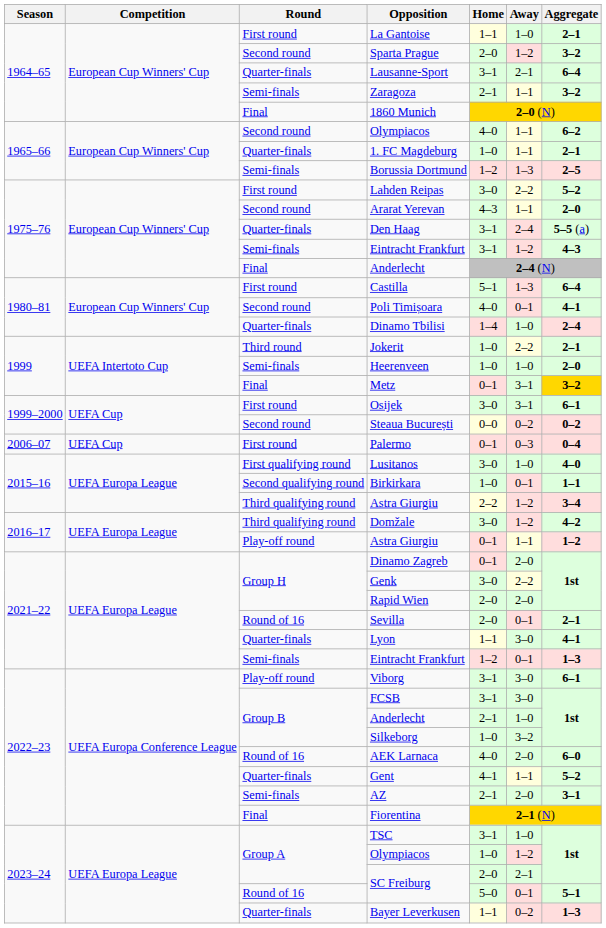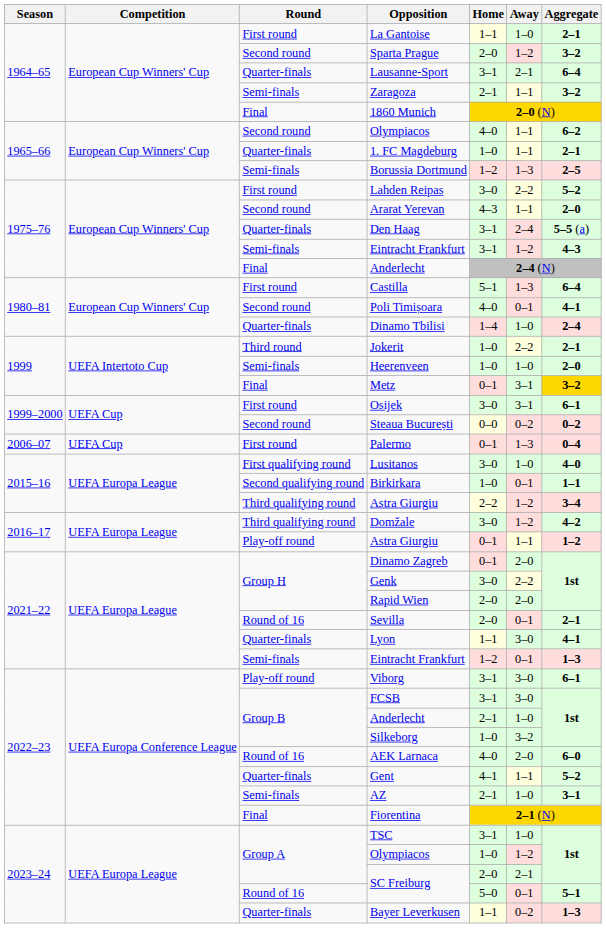 <table class="wikitable sortable">
 <tr>
 <th>Season</th>
 <th>Competition</th>
 <th>Round</th>
 <th>Opposition</th>
 <th>Home</th>
 <th>Away</th>
 <th>Aggregate</th>
 </tr>
 <tr>
 <td rowspan="5"><a href='#'>1964–65</a></td>
 <td rowspan="5"><a href='#'>European Cup Winners' Cup</a></td>
 <td><a href='#'>First round</a></td>
 <td> <a href='#'>La Gantoise</a></td>
 <td bgcolor="#ffffdd" style="text-align:center;">1–1</td>
 <td bgcolor="#ddffdd" style="text-align:center;">1–0</td>
 <td bgcolor="#ddffdd" style="text-align:center;"><strong>2–1</strong></td>
 </tr>
 <tr>
 <td><a href='#'>Second round</a></td>
 <td> <a href='#'>Sparta Prague</a></td>
 <td bgcolor="#ddffdd" style="text-align:center;">2–0</td>
 <td bgcolor="#ffdddd" style="text-align:center;">1–2</td>
 <td bgcolor="#ddffdd" style="text-align:center;"><strong>3–2</strong></td>
 </tr>
 <tr>
 <td><a href='#'>Quarter-finals</a></td>
 <td> <a href='#'>Lausanne-Sport</a></td>
 <td bgcolor="#ddffdd" style="text-align:center;">3–1</td>
 <td bgcolor="#ddffdd" style="text-align:center;">2–1</td>
 <td bgcolor="#ddffdd" style="text-align:center;"><strong>6–4</strong></td>
 </tr>
 <tr>
 <td><a href='#'>Semi-finals</a></td>
 <td> <a href='#'>Zaragoza</a></td>
 <td bgcolor="#ddffdd" style="text-align:center;">2–1</td>
 <td bgcolor="#ffffdd" style="text-align:center;">1–1</td>
 <td bgcolor="#ddffdd" style="text-align:center;"><strong>3–2</strong></td>
 </tr>
 <tr>
 <td><a href='#'>Final</a></td>
 <td> <a href='#'>1860 Munich</a></td>
 <td colspan=3 bgcolor="gold" style="text-align:center;"><strong>2–0</strong> (<a href='#'>N</a>)</td>
 </tr>
 <tr>
 <td rowspan="3"><a href='#'>1965–66</a></td>
 <td rowspan="3"><a href='#'>European Cup Winners' Cup</a></td>
 <td><a href='#'>Second round</a></td>
 <td> <a href='#'>Olympiacos</a></td>
 <td bgcolor="#ddffdd" style="text-align:center;">4–0</td>
 <td bgcolor="#ffffdd" style="text-align:center;">1–1</td>
 <td bgcolor="#ddffdd" style="text-align:center;"><strong>6–2</strong></td>
 </tr>
 <tr>
 <td><a href='#'>Quarter-finals</a></td>
 <td> <a href='#'>1. FC Magdeburg</a></td>
 <td bgcolor="#ddffdd" style="text-align:center;">1–0</td>
 <td bgcolor="#ffffdd" style="text-align:center;">1–1</td>
 <td bgcolor="#ddffdd" style="text-align:center;"><strong>2–1</strong></td>
 </tr>
 <tr>
 <td><a href='#'>Semi-finals</a></td>
 <td> <a href='#'>Borussia Dortmund</a></td>
 <td bgcolor="#ffdddd" style="text-align:center;">1–2</td>
 <td bgcolor="#ffdddd" style="text-align:center;">1–3</td>
 <td bgcolor="#ffdddd" style="text-align:center;"><strong>2–5</strong></td>
 </tr>
 <tr>
 <td rowspan="5"><a href='#'>1975–76</a></td>
 <td rowspan="5"><a href='#'>European Cup Winners' Cup</a></td>
 <td><a href='#'>First round</a></td>
 <td> <a href='#'>Lahden Reipas</a></td>
 <td bgcolor="#ddffdd" style="text-align:center;">3–0</td>
 <td bgcolor="#ffffdd" style="text-align:center;">2–2</td>
 <td bgcolor="#ddffdd" style="text-align:center;"><strong>5–2</strong></td>
 </tr>
 <tr>
 <td><a href='#'>Second round</a></td>
 <td> <a href='#'>Ararat Yerevan</a></td>
 <td bgcolor="#ddffdd" style="text-align:center;">4–3</td>
 <td bgcolor="#ffffdd" style="text-align:center;">1–1</td>
 <td bgcolor="#ddffdd" style="text-align:center;"><strong>2–0</strong></td>
 </tr>
 <tr>
 <td><a href='#'>Quarter-finals</a></td>
 <td> <a href='#'>Den Haag</a></td>
 <td bgcolor="#ddffdd" style="text-align:center;">3–1</td>
 <td bgcolor="#ffdddd" style="text-align:center;">2–4</td>
 <td bgcolor="#ddffdd" style="text-align:center;"><strong>5–5</strong> (<a href='#'>a</a>)</td>
 </tr>
 <tr>
 <td><a href='#'>Semi-finals</a></td>
 <td> <a href='#'>Eintracht Frankfurt</a></td>
 <td bgcolor="#ddffdd" style="text-align:center;">3–1</td>
 <td bgcolor="#ffdddd" style="text-align:center;">1–2</td>
 <td bgcolor="#ddffdd" style="text-align:center;"><strong>4–3</strong></td>
 </tr>
 <tr>
 <td><a href='#'>Final</a></td>
 <td> <a href='#'>Anderlecht</a></td>
 <td colspan=3 bgcolor="silver" style="text-align:center;"><strong>2–4</strong> (<a href='#'>N</a>)</td>
 </tr>
 <tr>
 <td rowspan="3"><a href='#'>1980–81</a></td>
 <td rowspan="3"><a href='#'>European Cup Winners' Cup</a></td>
 <td><a href='#'>First round</a></td>
 <td> <a href='#'>Castilla</a></td>
 <td bgcolor="#ddffdd" style="text-align:center;">5–1</td>
 <td bgcolor="#ffdddd" style="text-align:center;">1–3</td>
 <td bgcolor="#ddffdd" style="text-align:center;"><strong>6–4</strong></td>
 </tr>
 <tr>
 <td><a href='#'>Second round</a></td>
 <td> <a href='#'>Poli Timișoara</a></td>
 <td bgcolor="#ddffdd" style="text-align:center;">4–0</td>
 <td bgcolor="#ffdddd" style="text-align:center;">0–1</td>
 <td bgcolor="#ddffdd" style="text-align:center;"><strong>4–1</strong></td>
 </tr>
 <tr>
 <td><a href='#'>Quarter-finals</a></td>
 <td> <a href='#'>Dinamo Tbilisi</a></td>
 <td bgcolor="#ffdddd" style="text-align:center;">1–4</td>
 <td bgcolor="#ddffdd" style="text-align:center;">1–0</td>
 <td bgcolor="#ffdddd" style="text-align:center;"><strong>2–4</strong></td>
 </tr>
 <tr>
 <td rowspan="3"><a href='#'>1999</a></td>
 <td rowspan="3"><a href='#'>UEFA Intertoto Cup</a></td>
 <td><a href='#'>Third round</a></td>
 <td> <a href='#'>Jokerit</a></td>
 <td bgcolor="#ddffdd" style="text-align:center;">1–0</td>
 <td bgcolor="#ffffdd" style="text-align:center;">2–2</td>
 <td bgcolor="#ddffdd" style="text-align:center;"><strong>2–1</strong></td>
 </tr>
 <tr>
 <td><a href='#'>Semi-finals</a></td>
 <td> <a href='#'>Heerenveen</a></td>
 <td bgcolor="#ddffdd" style="text-align:center;">1–0</td>
 <td bgcolor="#ddffdd" style="text-align:center;">1–0</td>
 <td bgcolor="#ddffdd" style="text-align:center;"><strong>2–0</strong></td>
 </tr>
 <tr>
 <td><a href='#'>Final</a></td>
 <td> <a href='#'>Metz</a></td>
 <td bgcolor="#ffdddd" style="text-align:center;">0–1</td>
 <td bgcolor="#ddffdd" style="text-align:center;">3–1</td>
 <td bgcolor="gold" style="text-align:center;"><strong>3–2</strong></td>
 </tr>
 <tr>
 <td rowspan="2"><a href='#'>1999–2000</a></td>
 <td rowspan="2"><a href='#'>UEFA Cup</a></td>
 <td><a href='#'>First round</a></td>
 <td> <a href='#'>Osijek</a></td>
 <td bgcolor="#ddffdd" style="text-align:center;">3–0</td>
 <td bgcolor="#ddffdd" style="text-align:center;">3–1</td>
 <td bgcolor="#ddffdd" style="text-align:center;"><strong>6–1</strong></td>
 </tr>
 <tr>
 <td><a href='#'>Second round</a></td>
 <td> <a href='#'>Steaua București</a></td>
 <td bgcolor="#ffffdd" style="text-align:center;">0–0</td>
 <td bgcolor="#ffdddd" style="text-align:center;">0–2</td>
 <td bgcolor="#ffdddd" style="text-align:center;"><strong>0–2</strong></td>
 </tr>
 <tr>
 <td><a href='#'>2006–07</a></td>
 <td><a href='#'>UEFA Cup</a></td>
 <td><a href='#'>First round</a></td>
 <td> <a href='#'>Palermo</a></td>
 <td bgcolor="#ffdddd" style="text-align:center;">0–1</td>
-<td bgcolor="#ffdddd" style="text-align:center;">0–3</td>
+<td bgcolor="#ffdddd" style="text-align:center;">1–3</td>
 <td bgcolor="#ffdddd" style="text-align:center;"><strong>0–4</strong></td>
 </tr>
 <tr>
 <td rowspan="3"><a href='#'>2015–16</a></td>
 <td rowspan="3"><a href='#'>UEFA Europa League</a></td>
 <td><a href='#'>First qualifying round</a></td>
 <td> <a href='#'>Lusitanos</a></td>
 <td bgcolor="#ddffdd" style="text-align:center;">3–0</td>
 <td bgcolor="#ddffdd" style="text-align:center;">1–0</td>
 <td bgcolor="#ddffdd" style="text-align:center;"><strong>4–0</strong></td>
 </tr>
 <tr>
 <td><a href='#'>Second qualifying round</a></td>
 <td> <a href='#'>Birkirkara</a></td>
 <td bgcolor="#ddffdd" style="text-align:center;">1–0</td>
 <td bgcolor="#ffdddd" style="text-align:center;">0–1 </td>
 <td bgcolor="#ddffdd" style="text-align:center;"><strong>1–1</strong> </td>
 </tr>
 <tr>
 <td><a href='#'>Third qualifying round</a></td>
 <td> <a href='#'>Astra Giurgiu</a></td>
 <td bgcolor="#ffffdd" style="text-align:center;">2–2</td>
 <td bgcolor="#ffdddd" style="text-align:center;">1–2</td>
 <td bgcolor="#ffdddd" style="text-align:center;"><strong>3–4</strong></td>
 </tr>
 <tr>
 <td rowspan=2><a href='#'>2016–17</a></td>
 <td rowspan=2><a href='#'>UEFA Europa League</a></td>
 <td><a href='#'>Third qualifying round</a></td>
 <td> <a href='#'>Domžale</a></td>
 <td bgcolor="#ddffdd" style="text-align:center;">3–0</td>
 <td bgcolor="#ffdddd" style="text-align:center;">1–2</td>
 <td bgcolor="#ddffdd" style="text-align:center;"><strong>4–2</strong></td>
 </tr>
 <tr>
 <td><a href='#'>Play-off round</a></td>
 <td> <a href='#'>Astra Giurgiu</a></td>
 <td bgcolor="#ffdddd" style="text-align:center;">0–1</td>
 <td bgcolor="#ffffdd" style="text-align:center;">1–1</td>
 <td bgcolor="#ffdddd" style="text-align:center;"><strong>1–2</strong></td>
 </tr>
 <tr>
 <td rowspan=6><a href='#'>2021–22</a></td>
 <td rowspan=6><a href='#'>UEFA Europa League</a></td>
 <td rowspan=3><a href='#'>Group H</a></td>
 <td> <a href='#'>Dinamo Zagreb</a></td>
 <td bgcolor="#ffdddd" style="text-align:center;">0–1</td>
 <td bgcolor="#ddffdd" style="text-align:center;">2–0</td>
 <td bgcolor="#ddffdd" style="text-align:center;" rowspan=3><strong>1st</strong></td>
 </tr>
 <tr>
 <td> <a href='#'>Genk</a></td>
 <td bgcolor="#ddffdd" style="text-align:center;">3–0</td>
 <td bgcolor="#ffffdd" style="text-align:center;">2–2</td>
 </tr>
 <tr>
 <td> <a href='#'>Rapid Wien</a></td>
 <td bgcolor="#ddffdd" style="text-align:center;">2–0</td>
 <td bgcolor="#ddffdd" style="text-align:center;">2–0</td>
 </tr>
 <tr>
 <td><a href='#'>Round of 16</a></td>
 <td> <a href='#'>Sevilla</a></td>
 <td bgcolor="#ddffdd" style="text-align:center;">2–0</td>
 <td bgcolor="#ffdddd" style="text-align:center;">0–1</td>
 <td bgcolor="#ddffdd" style="text-align:center;"><strong>2–1</strong></td>
 </tr>
 <tr>
 <td><a href='#'>Quarter-finals</a></td>
 <td> <a href='#'>Lyon</a></td>
 <td bgcolor="#ffffdd" style="text-align:center;">1–1</td>
 <td bgcolor="#ddffdd" style="text-align:center;">3–0</td>
 <td bgcolor="ddffdd" style="text-align:center;"><strong>4–1</strong></td>
 </tr>
 <tr>
 <td><a href='#'>Semi-finals</a></td>
 <td> <a href='#'>Eintracht Frankfurt</a></td>
 <td bgcolor="#ffdddd" style="text-align:center;">1–2</td>
 <td bgcolor="#ffdddd" style="text-align:center;">0–1</td>
 <td bgcolor="#ffdddd" style="text-align:center;"><strong>1–3</strong></td>
 </tr>
 <tr>
 <td rowspan=8><a href='#'>2022–23</a></td>
 <td rowspan=8><a href='#'>UEFA Europa Conference League</a></td>
 <td><a href='#'>Play-off round</a></td>
 <td> <a href='#'>Viborg</a></td>
 <td bgcolor="#ddffdd" style="text-align:center;">3–1</td>
 <td bgcolor="#ddffdd" style="text-align:center;">3–0</td>
 <td bgcolor="ddffdd" style="text-align:center;"><strong>6–1</strong></td>
 </tr>
 <tr>
 <td rowspan=3><a href='#'>Group B</a></td>
 <td> <a href='#'>FCSB</a></td>
 <td bgcolor="#ddffdd" style="text-align:center;">3–1</td>
 <td bgcolor="#ddffdd" style="text-align:center;">3–0</td>
 <td bgcolor="#ddffdd" style="text-align:center;" rowspan=3><strong>1st</strong></td>
 </tr>
 <tr>
 <td> <a href='#'>Anderlecht</a></td>
 <td bgcolor="#ddffdd" style="text-align:center;">2–1</td>
 <td bgcolor="#ddffdd" style="text-align:center;">1–0</td>
 </tr>
 <tr>
 <td> <a href='#'>Silkeborg</a></td>
 <td bgcolor="#ddffdd" style="text-align:center;">1–0</td>
 <td bgcolor="#ddffdd" style="text-align:center;">3–2</td>
 </tr>
 <tr>
 <td><a href='#'>Round of 16</a></td>
 <td> <a href='#'>AEK Larnaca</a></td>
 <td bgcolor="#ddffdd" style="text-align:center;">4–0</td>
 <td bgcolor="#ddffdd" style="text-align:center;">2–0</td>
 <td bgcolor="ddffdd" style="text-align:center;"><strong>6–0</strong></td>
 </tr>
 <tr>
 <td><a href='#'>Quarter-finals</a></td>
 <td> <a href='#'>Gent</a></td>
 <td bgcolor="#ddffdd" style="text-align:center;">4–1</td>
 <td bgcolor="#ffffdd" style="text-align:center;">1–1</td>
 <td bgcolor="#ddffdd" style="text-align:center;"><strong>5–2</strong></td>
 </tr>
 <tr>
 <td><a href='#'>Semi-finals</a></td>
 <td> <a href='#'>AZ</a></td>
 <td bgcolor="#ddffdd" style="text-align:center;">2–1</td>
-<td bgcolor="#ddffdd" style="text-align:center;">2–0</td>
+<td bgcolor="#ddffdd" style="text-align:center;">1–0</td>
 <td bgcolor="#ddffdd" style="text-align:center;"><strong>3–1</strong></td>
 </tr>
 <tr>
 <td><a href='#'>Final</a></td>
 <td> <a href='#'>Fiorentina</a></td>
 <td colspan=3 bgcolor="gold" style="text-align:center;"><strong>2–1</strong> (<a href='#'>N</a>)</td>
 </tr>
 <tr>
 <td rowspan=5><a href='#'>2023–24</a></td>
 <td rowspan=5><a href='#'>UEFA Europa League</a></td>
 <td rowspan=3><a href='#'>Group A</a></td>
 <td> <a href='#'>TSC</a></td>
 <td bgcolor="#ddffdd" style="text-align:center;">3–1</td>
 <td bgcolor="#ddffdd" style="text-align:center;">1–0</td>
 <td bgcolor="#ddffdd" style="text-align:center;" rowspan=3><strong>1st</strong></td>
 </tr>
 <tr>
 <td> <a href='#'>Olympiacos</a></td>
 <td bgcolor="#ddffdd" style="text-align:center;">1–0</td>
 <td bgcolor="#ffdddd" style="text-align:center;">1–2</td>
 </tr>
 <tr>
 <td rowspan=2> <a href='#'>SC Freiburg</a></td>
 <td bgcolor="#ddffdd" style="text-align:center;">2–0</td>
 <td bgcolor="#ddffdd" style="text-align:center;">2–1</td>
 </tr>
 <tr>
 <td><a href='#'>Round of 16</a></td>
 <td bgcolor="#ddffdd" style="text-align:center;">5–0</td>
 <td bgcolor="#ffdddd" style="text-align:center;">0–1</td>
 <td bgcolor="#ddffdd" style="text-align:center;"><strong>5–1</strong></td>
 </tr>
 <tr>
 <td><a href='#'>Quarter-finals</a></td>
 <td> <a href='#'>Bayer Leverkusen</a></td>
 <td bgcolor="#ffffdd" style="text-align:center;">1–1</td>
 <td bgcolor="#ffdddd" style="text-align:center;">0–2</td>
 <td bgcolor="#ffdddd" style="text-align:center;"><strong>1–3</strong></td>
 </tr>
 </table>
